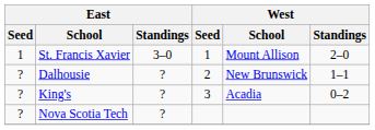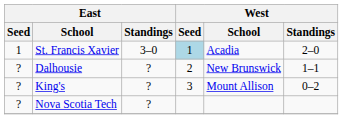 <table class="wikitable">
 <tr>
 <th colspan=3>East</th>
 <th colspan=3>West</th>
 </tr>
 <tr>
 <th>Seed</th>
 <th>School</th>
 <th>Standings</th>
 <th>Seed</th>
 <th>School</th>
 <th>Standings</th>
 </tr>
 <tr>
 <td align=center>1</td>
 <td><a href='#'>St. Francis Xavier</a></td>
 <td align=center>3–0</td>
-<td align=center>1</td>
-<td><a href='#'>Mount Allison</a></td>
+<td align=center style="background: lightblue;">1</td>
+<td><a href='#'>Acadia</a></td>
 <td align=center>2–0</td>
 </tr>
 <tr>
 <td align=center>?</td>
 <td><a href='#'>Dalhousie</a></td>
 <td align=center>?</td>
 <td align=center>2</td>
 <td><a href='#'>New Brunswick</a></td>
 <td align=center>1–1</td>
 </tr>
 <tr>
 <td align=center>?</td>
 <td><a href='#'>King's</a></td>
 <td align=center>?</td>
 <td align=center>3</td>
-<td><a href='#'>Acadia</a></td>
+<td><a href='#'>Mount Allison</a></td>
 <td align=center>0–2</td>
 </tr>
 <tr>
 <td align=center>?</td>
 <td><a href='#'>Nova Scotia Tech</a></td>
 <td align=center>?</td>
 <td></td>
 <td></td>
 <td></td>
 </tr>
 <tr>
 </tr>
 </table>
